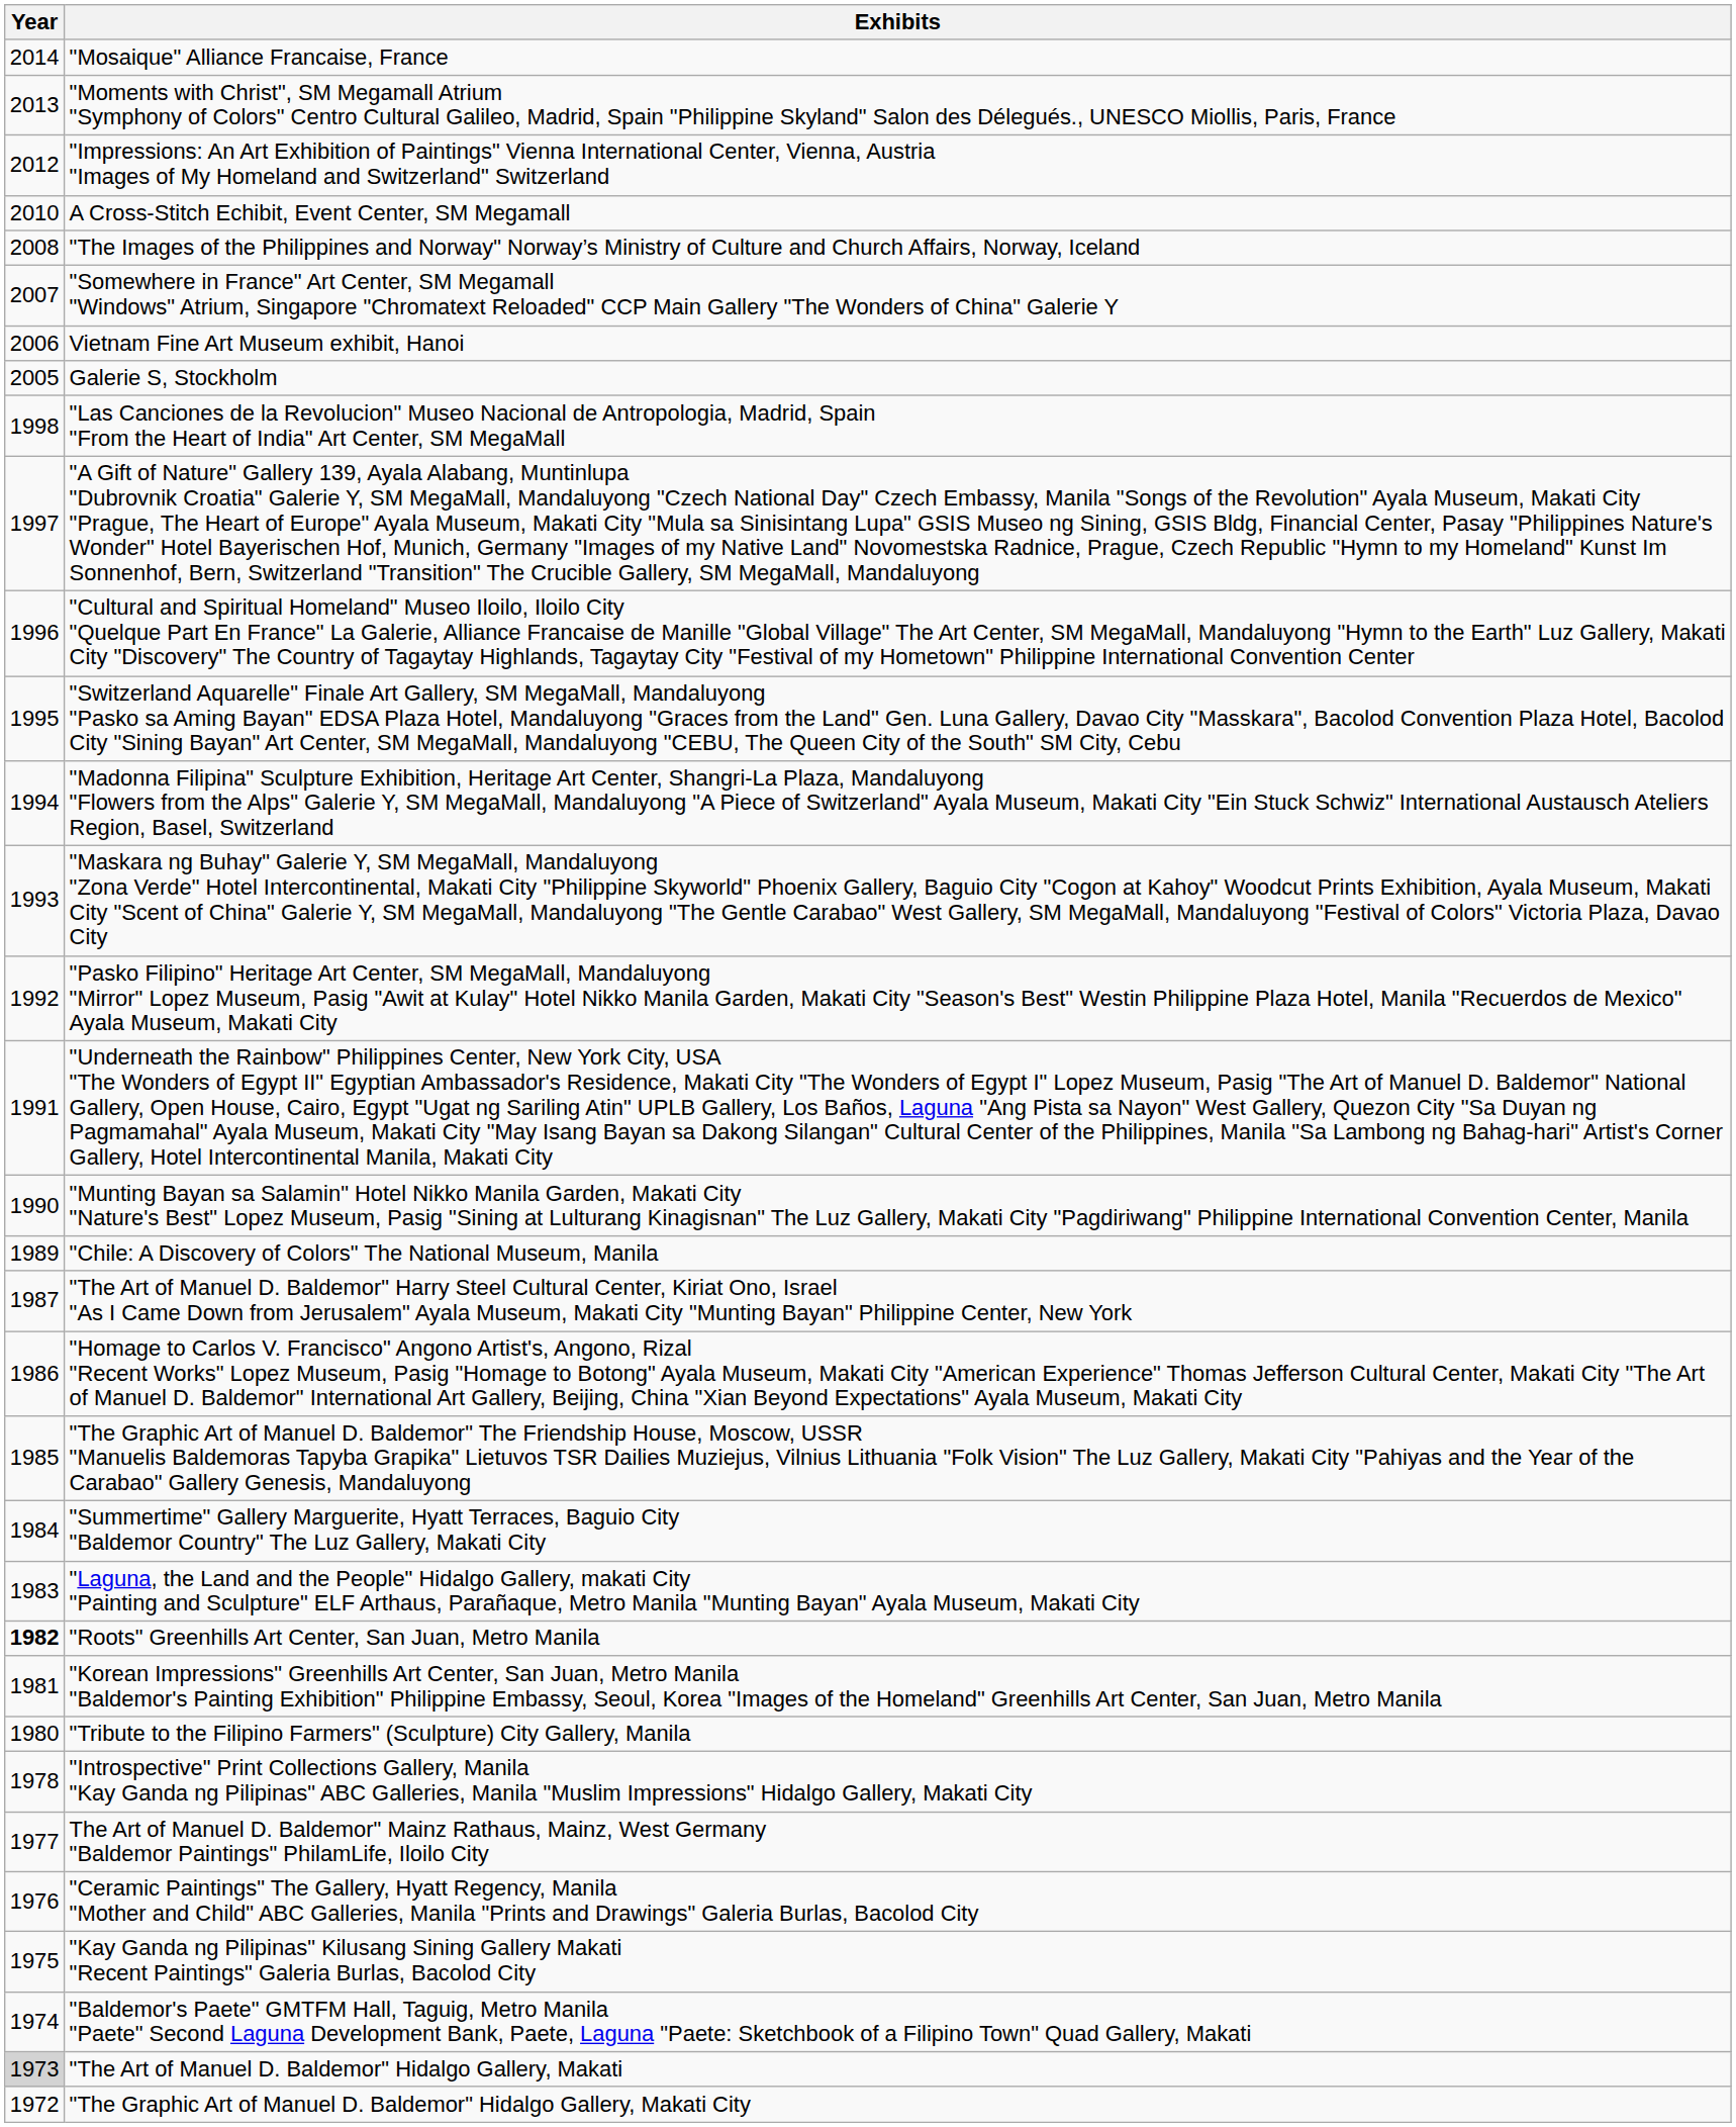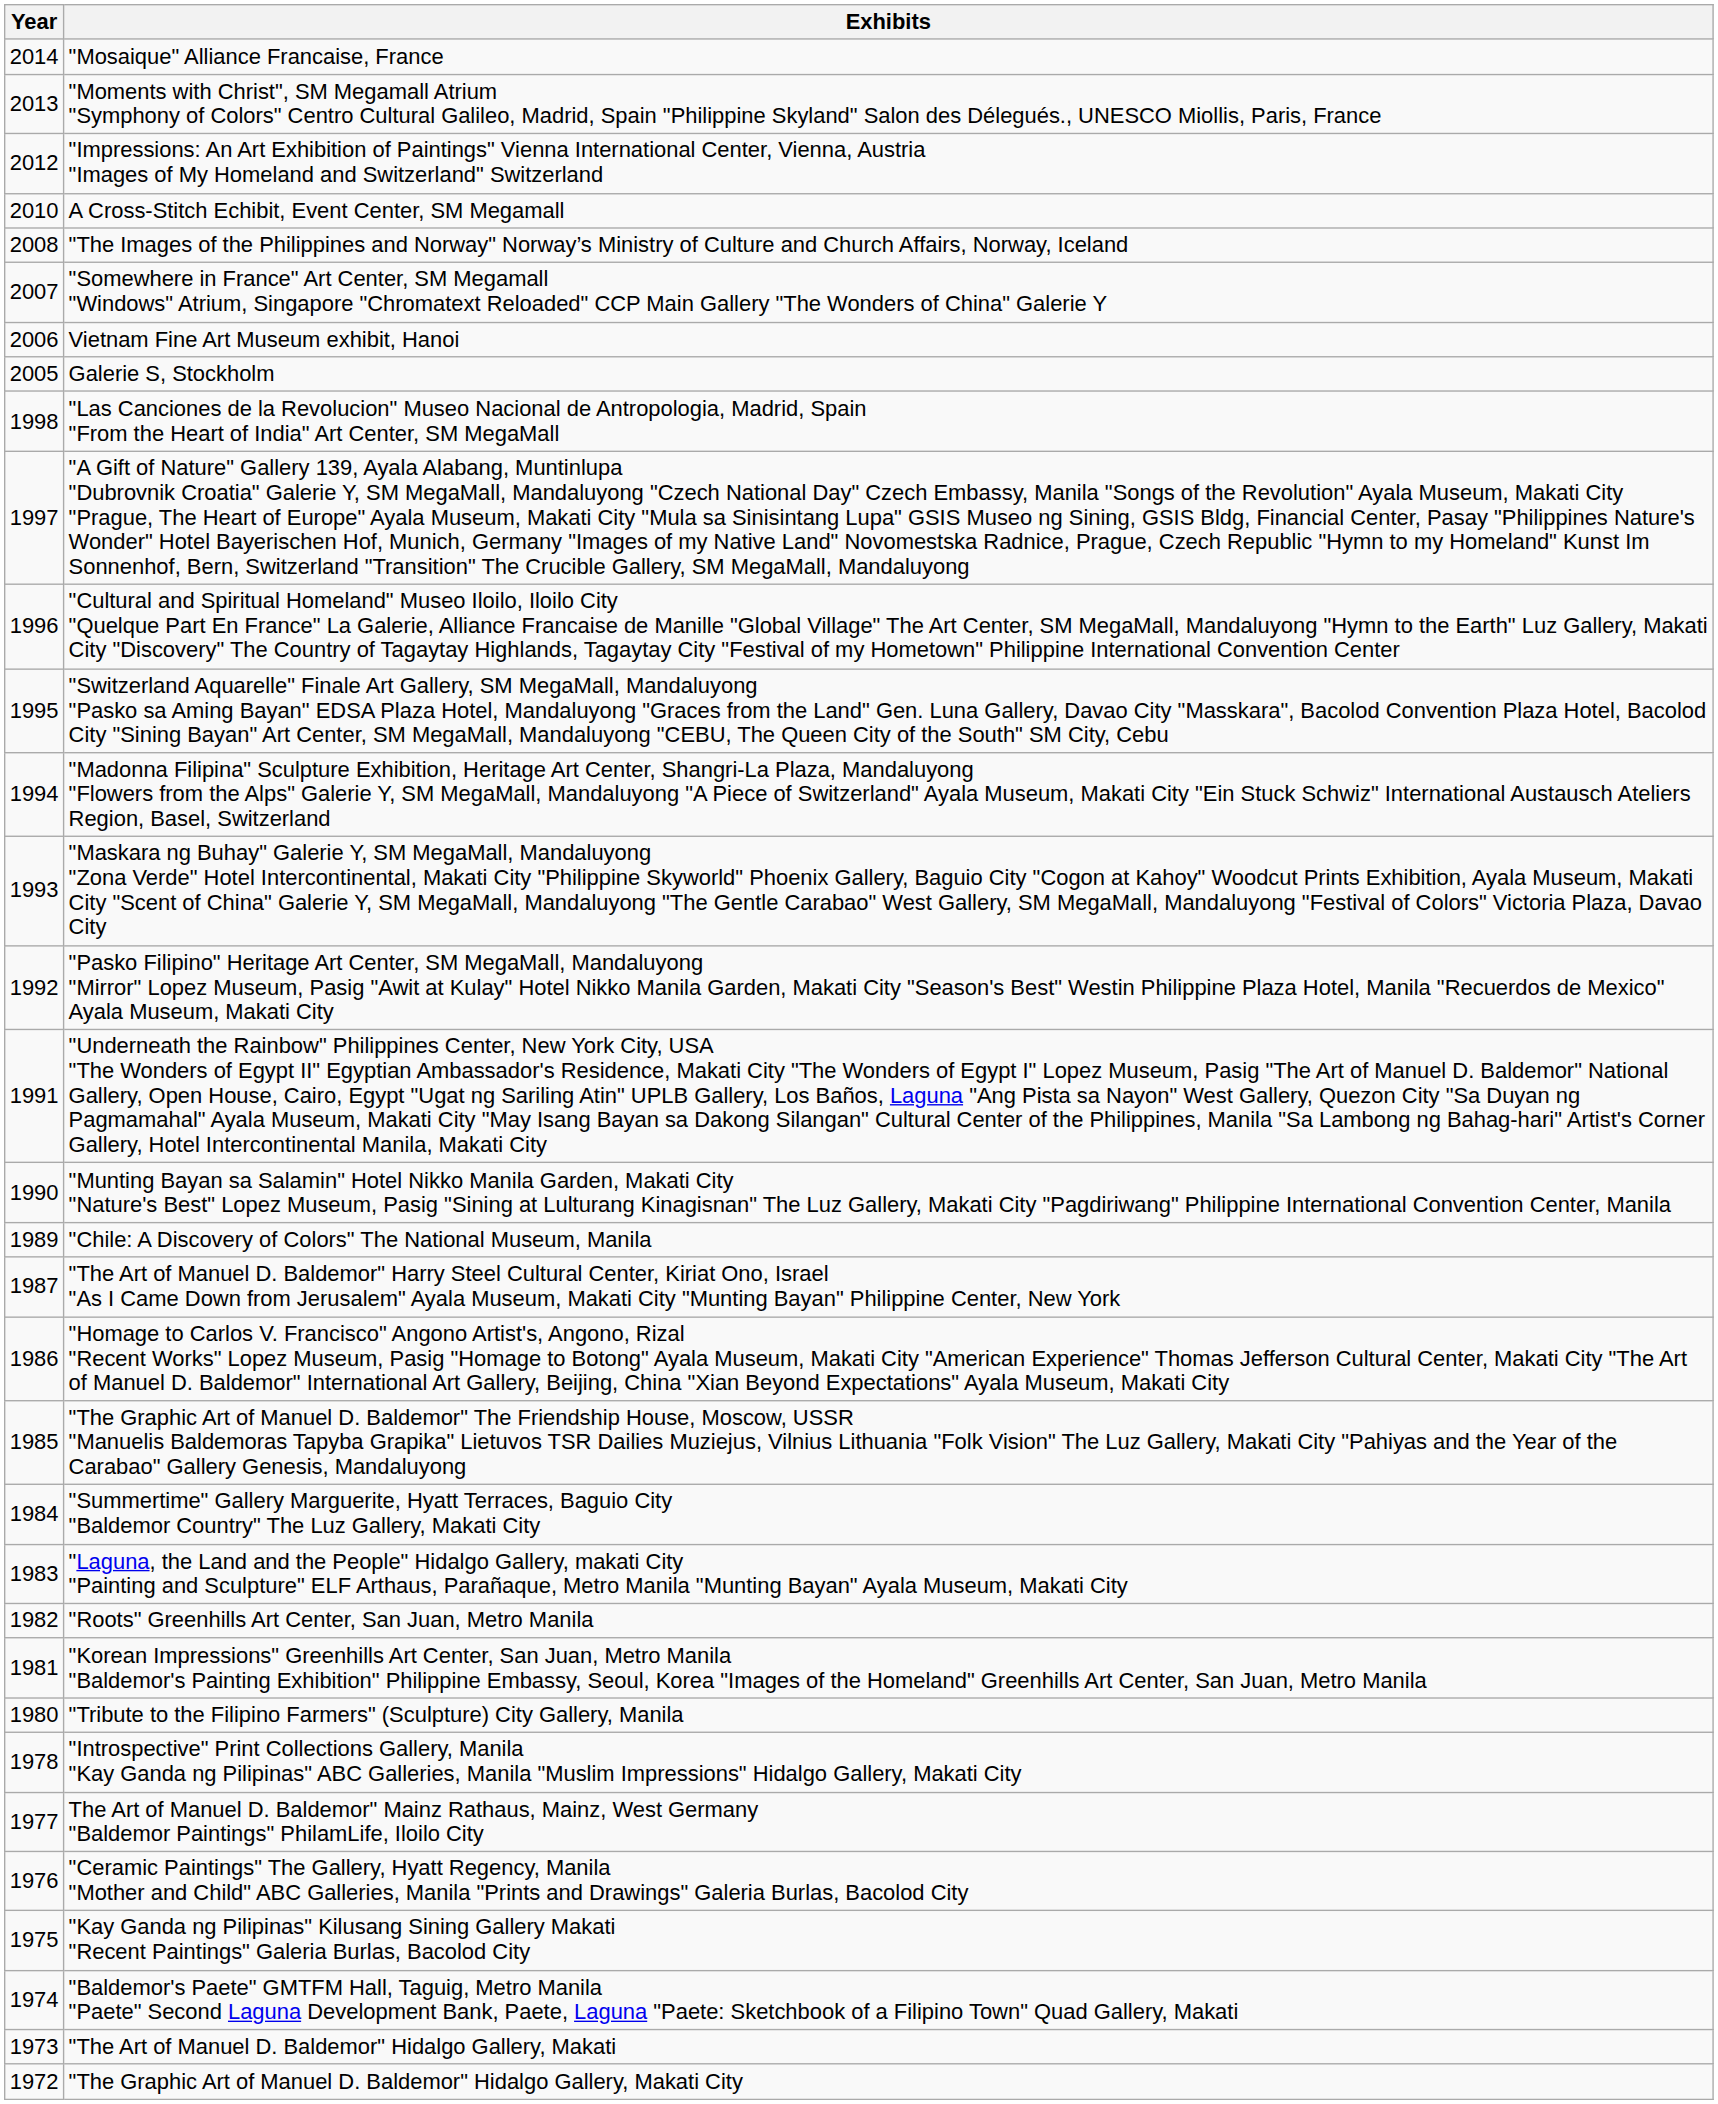 <table class="wikitable">
 <tr>
 <th>Year</th>
 <th>Exhibits</th>
 </tr>
 <tr>
 <td>2014</td>
 <td>"Mosaique" Alliance Francaise, France</td>
 </tr>
 <tr>
 <td>2013</td>
 <td>"Moments with Christ", SM Megamall Atrium<br>"Symphony of Colors" Centro Cultural Galileo, Madrid, Spain "Philippine Skyland" Salon des Délegués., UNESCO Miollis, Paris, France</td>
 </tr>
 <tr>
 <td>2012</td>
 <td>"Impressions: An Art Exhibition of Paintings" Vienna International Center, Vienna, Austria<br>"Images of My Homeland and Switzerland" Switzerland</td>
 </tr>
 <tr>
 <td>2010</td>
 <td>A Cross-Stitch Echibit, Event Center, SM Megamall</td>
 </tr>
 <tr>
 <td>2008</td>
 <td>"The Images of the Philippines and Norway" Norway’s Ministry of Culture and Church Affairs, Norway, Iceland</td>
 </tr>
 <tr>
 <td>2007</td>
 <td>"Somewhere in France" Art Center, SM Megamall<br>"Windows" Atrium, Singapore "Chromatext Reloaded" CCP Main Gallery "The Wonders of China" Galerie Y</td>
 </tr>
 <tr>
 <td>2006</td>
 <td>Vietnam Fine Art Museum exhibit, Hanoi</td>
 </tr>
 <tr>
 <td>2005</td>
 <td>Galerie S, Stockholm</td>
 </tr>
 <tr>
 <td>1998</td>
 <td>"Las Canciones de la Revolucion" Museo Nacional de Antropologia, Madrid, Spain<br>"From the Heart of India" Art Center, SM MegaMall</td>
 </tr>
 <tr>
 <td>1997</td>
 <td>"A Gift of Nature" Gallery 139, Ayala Alabang, Muntinlupa<br>"Dubrovnik Croatia" Galerie Y, SM MegaMall, Mandaluyong "Czech National Day" Czech Embassy, Manila "Songs of the Revolution" Ayala Museum, Makati City "Prague, The Heart of Europe" Ayala Museum, Makati City "Mula sa Sinisintang Lupa" GSIS Museo ng Sining, GSIS Bldg, Financial Center, Pasay "Philippines Nature's Wonder" Hotel Bayerischen Hof, Munich, Germany "Images of my Native Land" Novomestska Radnice, Prague, Czech Republic "Hymn to my Homeland" Kunst Im Sonnenhof, Bern, Switzerland "Transition" The Crucible Gallery, SM MegaMall, Mandaluyong</td>
 </tr>
 <tr>
 <td>1996</td>
 <td>"Cultural and Spiritual Homeland" Museo Iloilo, Iloilo City<br>"Quelque Part En France" La Galerie, Alliance Francaise de Manille "Global Village" The Art Center, SM MegaMall, Mandaluyong "Hymn to the Earth" Luz Gallery, Makati City "Discovery" The Country of Tagaytay Highlands, Tagaytay City "Festival of my Hometown" Philippine International Convention Center</td>
 </tr>
 <tr>
 <td>1995</td>
 <td>"Switzerland Aquarelle" Finale Art Gallery, SM MegaMall, Mandaluyong<br>"Pasko sa Aming Bayan" EDSA Plaza Hotel, Mandaluyong "Graces from the Land" Gen. Luna Gallery, Davao City "Masskara", Bacolod Convention Plaza Hotel, Bacolod City "Sining Bayan" Art Center, SM MegaMall, Mandaluyong "CEBU, The Queen City of the South" SM City, Cebu</td>
 </tr>
 <tr>
 <td>1994</td>
 <td>"Madonna Filipina" Sculpture Exhibition, Heritage Art Center, Shangri-La Plaza, Mandaluyong<br>"Flowers from the Alps" Galerie Y, SM MegaMall, Mandaluyong "A Piece of Switzerland" Ayala Museum, Makati City "Ein Stuck Schwiz" International Austausch Ateliers Region, Basel, Switzerland</td>
 </tr>
 <tr>
 <td>1993</td>
 <td>"Maskara ng Buhay" Galerie Y, SM MegaMall, Mandaluyong<br>"Zona Verde" Hotel Intercontinental, Makati City "Philippine Skyworld" Phoenix Gallery, Baguio City "Cogon at Kahoy" Woodcut Prints Exhibition, Ayala Museum, Makati City "Scent of China" Galerie Y, SM MegaMall, Mandaluyong "The Gentle Carabao" West Gallery, SM MegaMall, Mandaluyong "Festival of Colors" Victoria Plaza, Davao City</td>
 </tr>
 <tr>
 <td>1992</td>
 <td>"Pasko Filipino" Heritage Art Center, SM MegaMall, Mandaluyong<br>"Mirror" Lopez Museum, Pasig "Awit at Kulay" Hotel Nikko Manila Garden, Makati City "Season's Best" Westin Philippine Plaza Hotel, Manila "Recuerdos de Mexico" Ayala Museum, Makati City</td>
 </tr>
 <tr>
 <td>1991</td>
 <td>"Underneath the Rainbow" Philippines Center, New York City, USA<br>"The Wonders of Egypt II" Egyptian Ambassador's Residence, Makati City "The Wonders of Egypt I" Lopez Museum, Pasig "The Art of Manuel D. Baldemor" National Gallery, Open House, Cairo, Egypt "Ugat ng Sariling Atin" UPLB Gallery, Los Baños, <a href='#'>Laguna</a> "Ang Pista sa Nayon" West Gallery, Quezon City "Sa Duyan ng Pagmamahal" Ayala Museum, Makati City "May Isang Bayan sa Dakong Silangan" Cultural Center of the Philippines, Manila "Sa Lambong ng Bahag-hari" Artist's Corner Gallery, Hotel Intercontinental Manila, Makati City</td>
 </tr>
 <tr>
 <td>1990</td>
 <td>"Munting Bayan sa Salamin" Hotel Nikko Manila Garden, Makati City<br>"Nature's Best" Lopez Museum, Pasig "Sining at Lulturang Kinagisnan" The Luz Gallery, Makati City "Pagdiriwang" Philippine International Convention Center, Manila</td>
 </tr>
 <tr>
 <td>1989</td>
 <td>"Chile: A Discovery of Colors" The National Museum, Manila</td>
 </tr>
 <tr>
 <td>1987</td>
 <td>"The Art of Manuel D. Baldemor" Harry Steel Cultural Center, Kiriat Ono, Israel<br>"As I Came Down from Jerusalem" Ayala Museum, Makati City "Munting Bayan" Philippine Center, New York</td>
 </tr>
 <tr>
 <td>1986</td>
 <td>"Homage to Carlos V. Francisco" Angono Artist's, Angono, Rizal<br>"Recent Works" Lopez Museum, Pasig "Homage to Botong" Ayala Museum, Makati City "American Experience" Thomas Jefferson Cultural Center, Makati City "The Art of Manuel D. Baldemor" International Art Gallery, Beijing, China "Xian Beyond Expectations" Ayala Museum, Makati City</td>
 </tr>
 <tr>
 <td>1985</td>
 <td>"The Graphic Art of Manuel D. Baldemor" The Friendship House, Moscow, USSR<br>"Manuelis Baldemoras Tapyba Grapika" Lietuvos TSR Dailies Muziejus, Vilnius	 Lithuania "Folk Vision" The Luz Gallery, Makati City "Pahiyas and the Year of the Carabao" Gallery Genesis, Mandaluyong</td>
 </tr>
 <tr>
 <td>1984</td>
 <td>"Summertime" Gallery Marguerite, Hyatt Terraces, Baguio City<br>"Baldemor Country" The Luz Gallery, Makati City</td>
 </tr>
 <tr>
 <td>1983</td>
 <td>"<a href='#'>Laguna</a>, the Land and the People" Hidalgo Gallery, makati City<br>"Painting and Sculpture" ELF Arthaus, Parañaque, Metro Manila "Munting Bayan" Ayala Museum, Makati City</td>
 </tr>
 <tr>
-<td><strong>1982</strong></td>
+<td>1982</td>
 <td>"Roots" Greenhills Art Center, San Juan, Metro Manila</td>
 </tr>
 <tr>
 <td>1981</td>
 <td>"Korean Impressions" Greenhills Art Center, San Juan, Metro Manila<br>"Baldemor's Painting Exhibition" Philippine Embassy, Seoul, Korea "Images of the Homeland" Greenhills Art Center, San Juan, Metro Manila</td>
 </tr>
 <tr>
 <td>1980</td>
 <td>"Tribute to the Filipino Farmers" (Sculpture) City Gallery, Manila</td>
 </tr>
 <tr>
 <td>1978</td>
 <td>"Introspective" Print Collections Gallery, Manila<br>"Kay Ganda ng Pilipinas" ABC Galleries, Manila "Muslim Impressions" Hidalgo Gallery, Makati City</td>
 </tr>
 <tr>
 <td>1977</td>
 <td>The Art of Manuel D. Baldemor" Mainz Rathaus, Mainz, West Germany<br>"Baldemor Paintings" PhilamLife, Iloilo City</td>
 </tr>
 <tr>
 <td>1976</td>
 <td>"Ceramic Paintings" The Gallery, Hyatt Regency, Manila<br>"Mother and Child" ABC Galleries, Manila "Prints and Drawings" Galeria Burlas, Bacolod City</td>
 </tr>
 <tr>
 <td>1975</td>
 <td>"Kay Ganda ng Pilipinas" Kilusang Sining Gallery Makati<br>"Recent Paintings" Galeria Burlas, Bacolod City</td>
 </tr>
 <tr>
 <td>1974</td>
 <td>"Baldemor's Paete" GMTFM Hall, Taguig, Metro Manila<br>"Paete" Second <a href='#'>Laguna</a> Development Bank, Paete, <a href='#'>Laguna</a> "Paete: Sketchbook of a Filipino Town" Quad Gallery, Makati</td>
 </tr>
 <tr>
-<td style="background: lightgrey;">1973</td>
+<td>1973</td>
 <td>"The Art of Manuel D. Baldemor" Hidalgo Gallery, Makati</td>
 </tr>
 <tr>
 <td>1972</td>
 <td>"The Graphic Art of Manuel D. Baldemor" Hidalgo Gallery, Makati City</td>
 </tr>
 </table>
